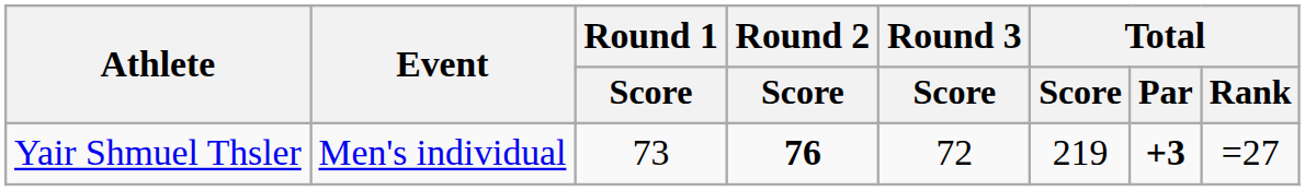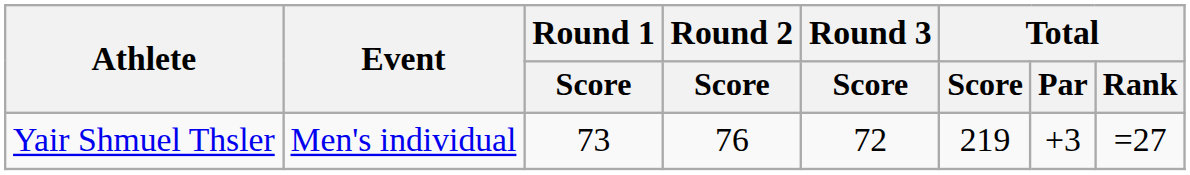 <table class=wikitable style="font-size:90%;">
 <tr>
 <th rowspan=2>Athlete</th>
 <th rowspan=2>Event</th>
 <th>Round 1</th>
 <th>Round 2</th>
 <th>Round 3</th>
 <th colspan=3>Total</th>
 </tr>
 <tr style="font-size:95%">
 <th>Score</th>
 <th>Score</th>
 <th>Score</th>
 <th>Score</th>
 <th>Par</th>
 <th>Rank</th>
 </tr>
 <tr align=center>
 <td align=left><a href='#'>Yair Shmuel Thsler</a></td>
 <td align=left><a href='#'>Men's individual</a></td>
 <td>73</td>
-<td><strong>76</strong></td>
+<td>76</td>
 <td>72</td>
 <td>219</td>
-<td><strong>+3</strong></td>
+<td>+3</td>
 <td>=27</td>
 </tr>
 </table>
